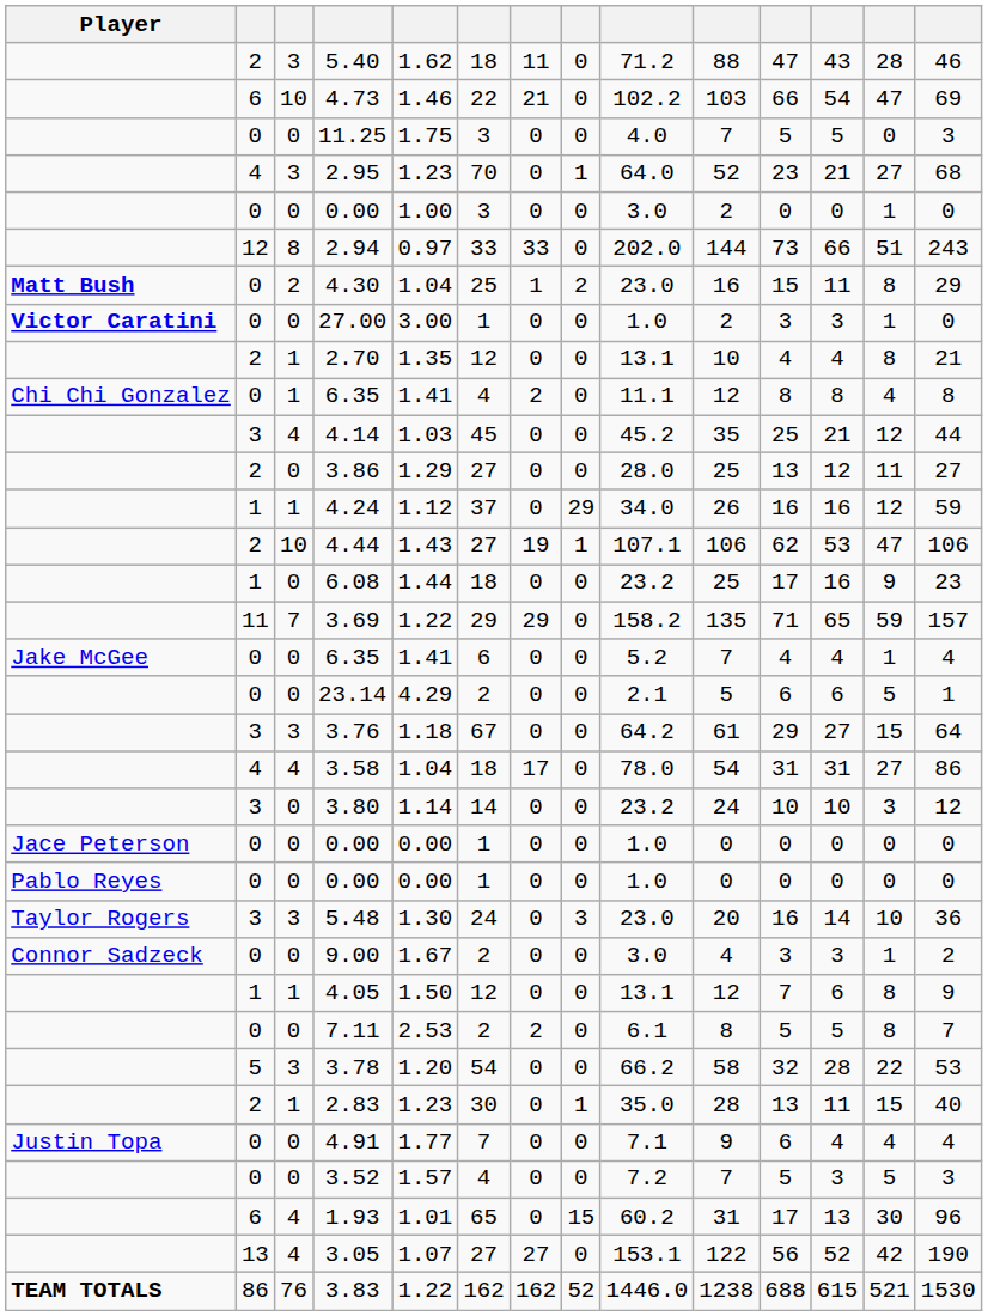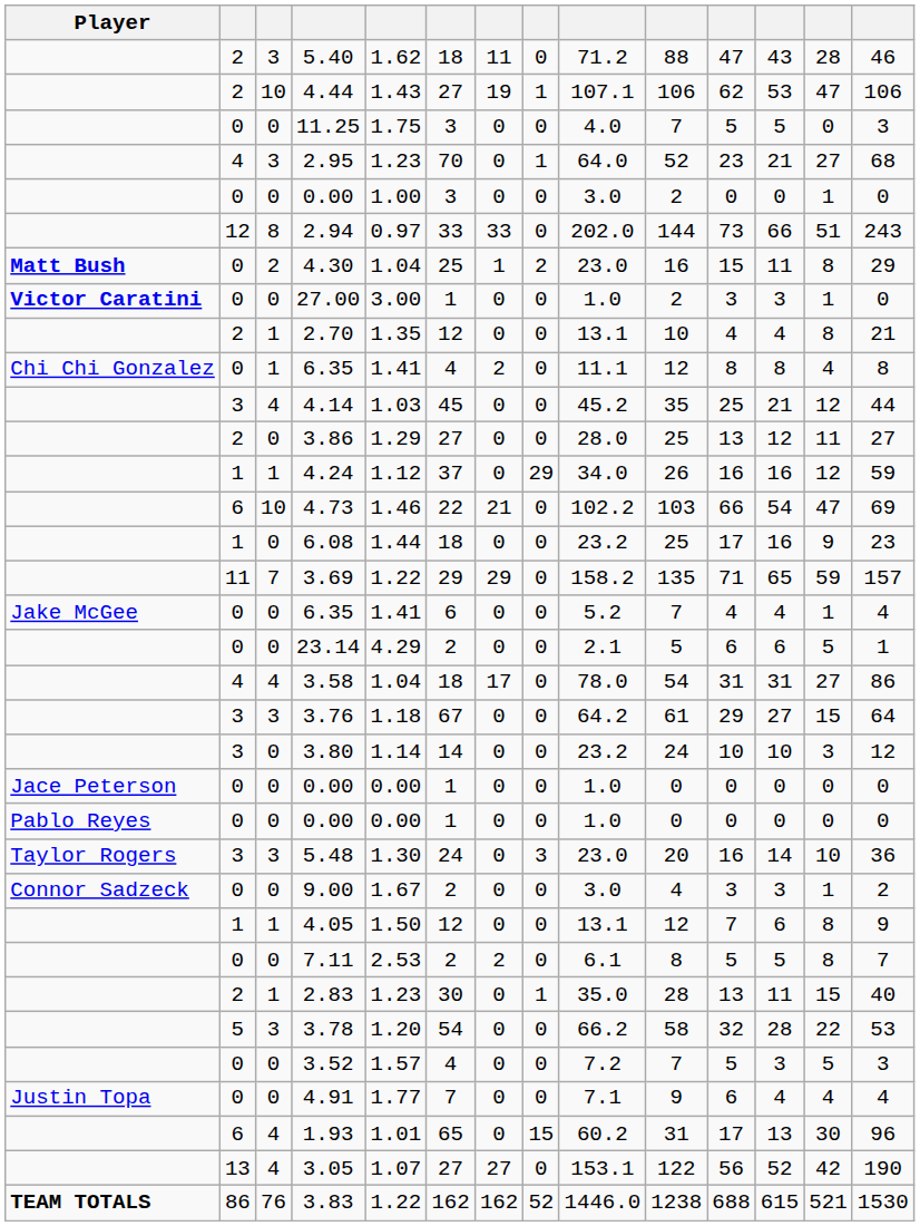 <table class="wikitable sortable" style="text-align:center;">
 <tr>
 <th>Player</th>
 <th></th>
 <th></th>
 <th></th>
 <th></th>
 <th></th>
 <th></th>
 <th></th>
 <th></th>
 <th></th>
 <th></th>
 <th></th>
 <th></th>
 <th></th>
 </tr>
 <tr>
 <td align=left><strong></strong></td>
 <td>2</td>
 <td>3</td>
 <td>5.40</td>
 <td>1.62</td>
 <td>18</td>
 <td>11</td>
 <td>0</td>
 <td>71.2</td>
 <td>88</td>
 <td>47</td>
 <td>43</td>
 <td>28</td>
 <td>46</td>
 </tr>
 <tr>
 <td align=left><strong></strong></td>
-<td>6</td>
+<td>2</td>
 <td>10</td>
-<td>4.73</td>
-<td>1.46</td>
-<td>22</td>
-<td>21</td>
-<td>0</td>
-<td>102.2</td>
-<td>103</td>
-<td>66</td>
-<td>54</td>
+<td>4.44</td>
+<td>1.43</td>
+<td>27</td>
+<td>19</td>
+<td>1</td>
+<td>107.1</td>
+<td>106</td>
+<td>62</td>
+<td>53</td>
 <td>47</td>
-<td>69</td>
+<td>106</td>
 </tr>
 <tr>
 <td align=left><strong></strong></td>
 <td>0</td>
 <td>0</td>
 <td>11.25</td>
 <td>1.75</td>
 <td>3</td>
 <td>0</td>
 <td>0</td>
 <td>4.0</td>
 <td>7</td>
 <td>5</td>
 <td>5</td>
 <td>0</td>
 <td>3</td>
 </tr>
 <tr>
 <td align=left><strong></strong></td>
 <td>4</td>
 <td>3</td>
 <td>2.95</td>
 <td>1.23</td>
 <td>70</td>
 <td>0</td>
 <td>1</td>
 <td>64.0</td>
 <td>52</td>
 <td>23</td>
 <td>21</td>
 <td>27</td>
 <td>68</td>
 </tr>
 <tr>
 <td align=left></td>
 <td>0</td>
 <td>0</td>
 <td>0.00</td>
 <td>1.00</td>
 <td>3</td>
 <td>0</td>
 <td>0</td>
 <td>3.0</td>
 <td>2</td>
 <td>0</td>
 <td>0</td>
 <td>1</td>
 <td>0</td>
 </tr>
 <tr>
 <td align=left><strong></strong></td>
 <td>12</td>
 <td>8</td>
 <td>2.94</td>
 <td>0.97</td>
 <td>33</td>
 <td>33</td>
 <td>0</td>
 <td>202.0</td>
 <td>144</td>
 <td>73</td>
 <td>66</td>
 <td>51</td>
 <td>243</td>
 </tr>
 <tr>
 <td align=left><strong><a href='#'>Matt Bush</a></strong></td>
 <td>0</td>
 <td>2</td>
 <td>4.30</td>
 <td>1.04</td>
 <td>25</td>
 <td>1</td>
 <td>2</td>
 <td>23.0</td>
 <td>16</td>
 <td>15</td>
 <td>11</td>
 <td>8</td>
 <td>29</td>
 </tr>
 <tr>
 <td align=left><strong><a href='#'>Victor Caratini</a></strong></td>
 <td>0</td>
 <td>0</td>
 <td>27.00</td>
 <td>3.00</td>
 <td>1</td>
 <td>0</td>
 <td>0</td>
 <td>1.0</td>
 <td>2</td>
 <td>3</td>
 <td>3</td>
 <td>1</td>
 <td>0</td>
 </tr>
 <tr>
 <td align=left></td>
 <td>2</td>
 <td>1</td>
 <td>2.70</td>
 <td>1.35</td>
 <td>12</td>
 <td>0</td>
 <td>0</td>
 <td>13.1</td>
 <td>10</td>
 <td>4</td>
 <td>4</td>
 <td>8</td>
 <td>21</td>
 </tr>
 <tr>
 <td align=left><a href='#'>Chi Chi Gonzalez</a></td>
 <td>0</td>
 <td>1</td>
 <td>6.35</td>
 <td>1.41</td>
 <td>4</td>
 <td>2</td>
 <td>0</td>
 <td>11.1</td>
 <td>12</td>
 <td>8</td>
 <td>8</td>
 <td>4</td>
 <td>8</td>
 </tr>
 <tr>
 <td align=left><strong></strong></td>
 <td>3</td>
 <td>4</td>
 <td>4.14</td>
 <td>1.03</td>
 <td>45</td>
 <td>0</td>
 <td>0</td>
 <td>45.2</td>
 <td>35</td>
 <td>25</td>
 <td>21</td>
 <td>12</td>
 <td>44</td>
 </tr>
 <tr>
 <td align=left></td>
 <td>2</td>
 <td>0</td>
 <td>3.86</td>
 <td>1.29</td>
 <td>27</td>
 <td>0</td>
 <td>0</td>
 <td>28.0</td>
 <td>25</td>
 <td>13</td>
 <td>12</td>
 <td>11</td>
 <td>27</td>
 </tr>
 <tr>
 <td align=left><strong></strong></td>
 <td>1</td>
 <td>1</td>
 <td>4.24</td>
 <td>1.12</td>
 <td>37</td>
 <td>0</td>
 <td>29</td>
 <td>34.0</td>
 <td>26</td>
 <td>16</td>
 <td>16</td>
 <td>12</td>
 <td>59</td>
 </tr>
 <tr>
 <td align=left><strong></strong></td>
-<td>2</td>
+<td>6</td>
 <td>10</td>
-<td>4.44</td>
-<td>1.43</td>
-<td>27</td>
-<td>19</td>
-<td>1</td>
-<td>107.1</td>
-<td>106</td>
-<td>62</td>
-<td>53</td>
+<td>4.73</td>
+<td>1.46</td>
+<td>22</td>
+<td>21</td>
+<td>0</td>
+<td>102.2</td>
+<td>103</td>
+<td>66</td>
+<td>54</td>
 <td>47</td>
-<td>106</td>
+<td>69</td>
 </tr>
 <tr>
 <td align=left><strong></strong></td>
 <td>1</td>
 <td>0</td>
 <td>6.08</td>
 <td>1.44</td>
 <td>18</td>
 <td>0</td>
 <td>0</td>
 <td>23.2</td>
 <td>25</td>
 <td>17</td>
 <td>16</td>
 <td>9</td>
 <td>23</td>
 </tr>
 <tr>
 <td align=left><strong></strong></td>
 <td>11</td>
 <td>7</td>
 <td>3.69</td>
 <td>1.22</td>
 <td>29</td>
 <td>29</td>
 <td>0</td>
 <td>158.2</td>
 <td>135</td>
 <td>71</td>
 <td>65</td>
 <td>59</td>
 <td>157</td>
 </tr>
 <tr>
 <td align=left><a href='#'>Jake McGee</a></td>
 <td>0</td>
 <td>0</td>
 <td>6.35</td>
 <td>1.41</td>
 <td>6</td>
 <td>0</td>
 <td>0</td>
 <td>5.2</td>
 <td>7</td>
 <td>4</td>
 <td>4</td>
 <td>1</td>
 <td>4</td>
 </tr>
 <tr>
 <td align=left></td>
 <td>0</td>
 <td>0</td>
 <td>23.14</td>
 <td>4.29</td>
 <td>2</td>
 <td>0</td>
 <td>0</td>
 <td>2.1</td>
 <td>5</td>
 <td>6</td>
 <td>6</td>
 <td>5</td>
 <td>1</td>
 </tr>
 <tr>
+<td align=left></td>
+<td>4</td>
+<td>4</td>
+<td>3.58</td>
+<td>1.04</td>
+<td>18</td>
+<td>17</td>
+<td>0</td>
+<td>78.0</td>
+<td>54</td>
+<td>31</td>
+<td>31</td>
+<td>27</td>
+<td>86</td>
+</tr>
+<tr>
 <td align=left><strong></strong></td>
 <td>3</td>
 <td>3</td>
 <td>3.76</td>
 <td>1.18</td>
 <td>67</td>
 <td>0</td>
 <td>0</td>
 <td>64.2</td>
 <td>61</td>
 <td>29</td>
 <td>27</td>
 <td>15</td>
 <td>64</td>
-</tr>
-<tr>
-<td align=left></td>
-<td>4</td>
-<td>4</td>
-<td>3.58</td>
-<td>1.04</td>
-<td>18</td>
-<td>17</td>
-<td>0</td>
-<td>78.0</td>
-<td>54</td>
-<td>31</td>
-<td>31</td>
-<td>27</td>
-<td>86</td>
 </tr>
 <tr>
 <td align=left></td>
 <td>3</td>
 <td>0</td>
 <td>3.80</td>
 <td>1.14</td>
 <td>14</td>
 <td>0</td>
 <td>0</td>
 <td>23.2</td>
 <td>24</td>
 <td>10</td>
 <td>10</td>
 <td>3</td>
 <td>12</td>
 </tr>
 <tr>
 <td align=left><a href='#'>Jace Peterson</a></td>
 <td>0</td>
 <td>0</td>
 <td>0.00</td>
 <td>0.00</td>
 <td>1</td>
 <td>0</td>
 <td>0</td>
 <td>1.0</td>
 <td>0</td>
 <td>0</td>
 <td>0</td>
 <td>0</td>
 <td>0</td>
 </tr>
 <tr>
 <td align=left><a href='#'>Pablo Reyes</a></td>
 <td>0</td>
 <td>0</td>
 <td>0.00</td>
 <td>0.00</td>
 <td>1</td>
 <td>0</td>
 <td>0</td>
 <td>1.0</td>
 <td>0</td>
 <td>0</td>
 <td>0</td>
 <td>0</td>
 <td>0</td>
 </tr>
 <tr>
 <td align=left><a href='#'>Taylor Rogers</a></td>
 <td>3</td>
 <td>3</td>
 <td>5.48</td>
 <td>1.30</td>
 <td>24</td>
 <td>0</td>
 <td>3</td>
 <td>23.0</td>
 <td>20</td>
 <td>16</td>
 <td>14</td>
 <td>10</td>
 <td>36</td>
 </tr>
 <tr>
 <td align=left><a href='#'>Connor Sadzeck</a></td>
 <td>0</td>
 <td>0</td>
 <td>9.00</td>
 <td>1.67</td>
 <td>2</td>
 <td>0</td>
 <td>0</td>
 <td>3.0</td>
 <td>4</td>
 <td>3</td>
 <td>3</td>
 <td>1</td>
 <td>2</td>
 </tr>
 <tr>
 <td align=left><strong></strong></td>
 <td>1</td>
 <td>1</td>
 <td>4.05</td>
 <td>1.50</td>
 <td>12</td>
 <td>0</td>
 <td>0</td>
 <td>13.1</td>
 <td>12</td>
 <td>7</td>
 <td>6</td>
 <td>8</td>
 <td>9</td>
 </tr>
 <tr>
 <td align=left></td>
 <td>0</td>
 <td>0</td>
 <td>7.11</td>
 <td>2.53</td>
 <td>2</td>
 <td>2</td>
 <td>0</td>
 <td>6.1</td>
 <td>8</td>
 <td>5</td>
 <td>5</td>
 <td>8</td>
 <td>7</td>
 </tr>
 <tr>
+<td align=left></td>
+<td>2</td>
+<td>1</td>
+<td>2.83</td>
+<td>1.23</td>
+<td>30</td>
+<td>0</td>
+<td>1</td>
+<td>35.0</td>
+<td>28</td>
+<td>13</td>
+<td>11</td>
+<td>15</td>
+<td>40</td>
+</tr>
+<tr>
 <td align=left><strong></strong></td>
 <td>5</td>
 <td>3</td>
 <td>3.78</td>
 <td>1.20</td>
 <td>54</td>
 <td>0</td>
 <td>0</td>
 <td>66.2</td>
 <td>58</td>
 <td>32</td>
 <td>28</td>
 <td>22</td>
 <td>53</td>
 </tr>
 <tr>
 <td align=left></td>
-<td>2</td>
-<td>1</td>
-<td>2.83</td>
-<td>1.23</td>
-<td>30</td>
 <td>0</td>
-<td>1</td>
-<td>35.0</td>
-<td>28</td>
-<td>13</td>
-<td>11</td>
-<td>15</td>
-<td>40</td>
+<td>0</td>
+<td>3.52</td>
+<td>1.57</td>
+<td>4</td>
+<td>0</td>
+<td>0</td>
+<td>7.2</td>
+<td>7</td>
+<td>5</td>
+<td>3</td>
+<td>5</td>
+<td>3</td>
 </tr>
 <tr>
 <td align=left><a href='#'>Justin Topa</a></td>
 <td>0</td>
 <td>0</td>
 <td>4.91</td>
 <td>1.77</td>
 <td>7</td>
 <td>0</td>
 <td>0</td>
 <td>7.1</td>
 <td>9</td>
 <td>6</td>
 <td>4</td>
 <td>4</td>
 <td>4</td>
-</tr>
-<tr>
-<td align=left></td>
-<td>0</td>
-<td>0</td>
-<td>3.52</td>
-<td>1.57</td>
-<td>4</td>
-<td>0</td>
-<td>0</td>
-<td>7.2</td>
-<td>7</td>
-<td>5</td>
-<td>3</td>
-<td>5</td>
-<td>3</td>
 </tr>
 <tr>
 <td align=left><strong></strong></td>
 <td>6</td>
 <td>4</td>
 <td>1.93</td>
 <td>1.01</td>
 <td>65</td>
 <td>0</td>
 <td>15</td>
 <td>60.2</td>
 <td>31</td>
 <td>17</td>
 <td>13</td>
 <td>30</td>
 <td>96</td>
 </tr>
 <tr>
 <td align=left></td>
 <td>13</td>
 <td>4</td>
 <td>3.05</td>
 <td>1.07</td>
 <td>27</td>
 <td>27</td>
 <td>0</td>
 <td>153.1</td>
 <td>122</td>
 <td>56</td>
 <td>52</td>
 <td>42</td>
 <td>190</td>
 </tr>
 <tr class="sortbottom">
 <td align="left"><strong>TEAM TOTALS</strong></td>
 <td>86</td>
 <td>76</td>
 <td>3.83</td>
 <td>1.22</td>
 <td>162</td>
 <td>162</td>
 <td>52</td>
 <td>1446.0</td>
 <td>1238</td>
 <td>688</td>
 <td>615</td>
 <td>521</td>
 <td>1530</td>
 </tr>
 </table>
